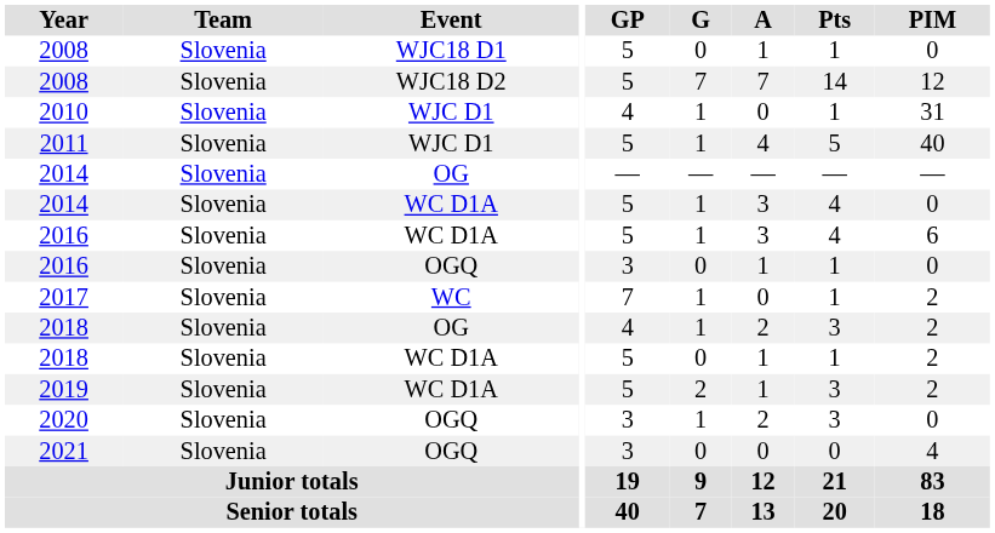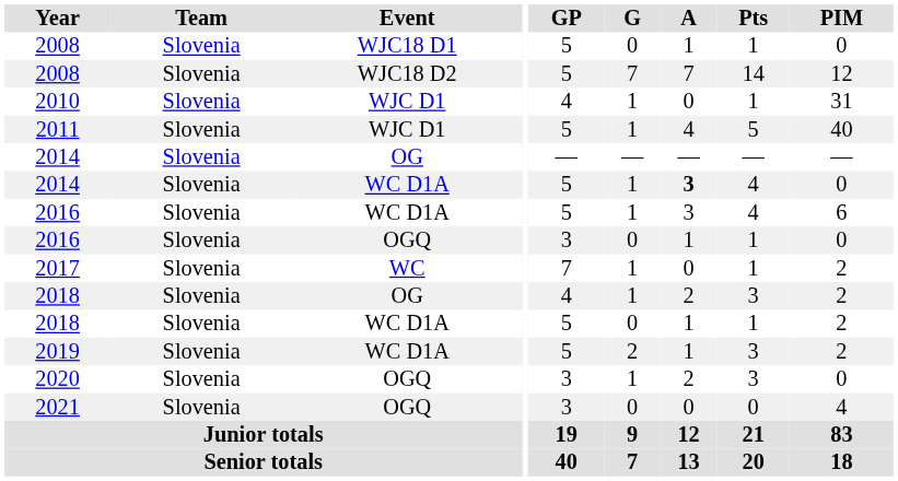 <table border="0" cellpadding="1" cellspacing="0" ID="Table3" style="text-align:center; width:40em">
 <tr ALIGN="center" bgcolor="#e0e0e0">
 <th>Year</th>
 <th>Team</th>
 <th>Event</th>
 <th rowspan="102" bgcolor="#ffffff"></th>
 <th>GP</th>
 <th>G</th>
 <th>A</th>
 <th>Pts</th>
 <th>PIM</th>
 </tr>
 <tr>
 <td><a href='#'>2008</a></td>
 <td><a href='#'>Slovenia</a></td>
 <td><a href='#'>WJC18 D1</a></td>
 <td>5</td>
 <td>0</td>
 <td>1</td>
 <td>1</td>
 <td>0</td>
 </tr>
 <tr bgcolor="#f0f0f0">
 <td><a href='#'>2008</a></td>
 <td>Slovenia</td>
 <td>WJC18 D2</td>
 <td>5</td>
 <td>7</td>
 <td>7</td>
 <td>14</td>
 <td>12</td>
 </tr>
 <tr>
 <td><a href='#'>2010</a></td>
 <td><a href='#'>Slovenia</a></td>
 <td><a href='#'>WJC D1</a></td>
 <td>4</td>
 <td>1</td>
 <td>0</td>
 <td>1</td>
 <td>31</td>
 </tr>
 <tr bgcolor="#f0f0f0">
 <td><a href='#'>2011</a></td>
 <td>Slovenia</td>
 <td>WJC D1</td>
 <td>5</td>
 <td>1</td>
 <td>4</td>
 <td>5</td>
 <td>40</td>
 </tr>
 <tr>
 <td><a href='#'>2014</a></td>
 <td><a href='#'>Slovenia</a></td>
 <td><a href='#'>OG</a></td>
 <td>—</td>
 <td>—</td>
 <td>—</td>
 <td>—</td>
 <td>—</td>
 </tr>
 <tr bgcolor="#f0f0f0">
 <td><a href='#'>2014</a></td>
 <td>Slovenia</td>
 <td><a href='#'>WC D1A</a></td>
 <td>5</td>
 <td>1</td>
-<td>3</td>
+<td><strong>3</strong></td>
 <td>4</td>
 <td>0</td>
 </tr>
 <tr>
 <td><a href='#'>2016</a></td>
 <td>Slovenia</td>
 <td>WC D1A</td>
 <td>5</td>
 <td>1</td>
 <td>3</td>
 <td>4</td>
 <td>6</td>
 </tr>
 <tr bgcolor="#f0f0f0">
 <td><a href='#'>2016</a></td>
 <td>Slovenia</td>
 <td>OGQ</td>
 <td>3</td>
 <td>0</td>
 <td>1</td>
 <td>1</td>
 <td>0</td>
 </tr>
 <tr>
 <td><a href='#'>2017</a></td>
 <td>Slovenia</td>
 <td><a href='#'>WC</a></td>
 <td>7</td>
 <td>1</td>
 <td>0</td>
 <td>1</td>
 <td>2</td>
 </tr>
 <tr bgcolor="#f0f0f0">
 <td><a href='#'>2018</a></td>
 <td>Slovenia</td>
 <td>OG</td>
 <td>4</td>
 <td>1</td>
 <td>2</td>
 <td>3</td>
 <td>2</td>
 </tr>
 <tr>
 <td><a href='#'>2018</a></td>
 <td>Slovenia</td>
 <td>WC D1A</td>
 <td>5</td>
 <td>0</td>
 <td>1</td>
 <td>1</td>
 <td>2</td>
 </tr>
 <tr bgcolor="#f0f0f0">
 <td><a href='#'>2019</a></td>
 <td>Slovenia</td>
 <td>WC D1A</td>
 <td>5</td>
 <td>2</td>
 <td>1</td>
 <td>3</td>
 <td>2</td>
 </tr>
 <tr>
 <td><a href='#'>2020</a></td>
 <td>Slovenia</td>
 <td>OGQ</td>
 <td>3</td>
 <td>1</td>
 <td>2</td>
 <td>3</td>
 <td>0</td>
 </tr>
 <tr bgcolor="#f0f0f0">
 <td><a href='#'>2021</a></td>
 <td>Slovenia</td>
 <td>OGQ</td>
 <td>3</td>
 <td>0</td>
 <td>0</td>
 <td>0</td>
 <td>4</td>
 </tr>
 <tr bgcolor="#e0e0e0">
 <th colspan=3>Junior totals</th>
 <th>19</th>
 <th>9</th>
 <th>12</th>
 <th>21</th>
 <th>83</th>
 </tr>
 <tr bgcolor="#e0e0e0">
 <th colspan=3>Senior totals</th>
 <th>40</th>
 <th>7</th>
 <th>13</th>
 <th>20</th>
 <th>18</th>
 </tr>
 </table>
